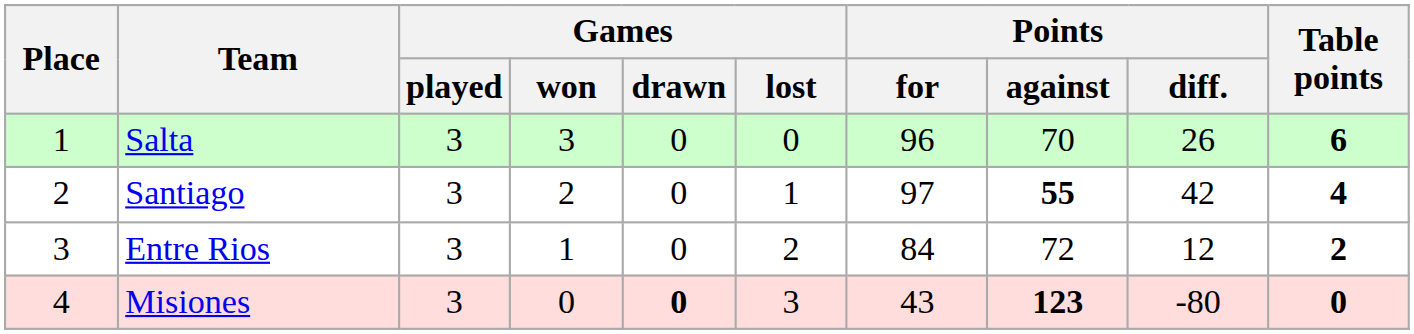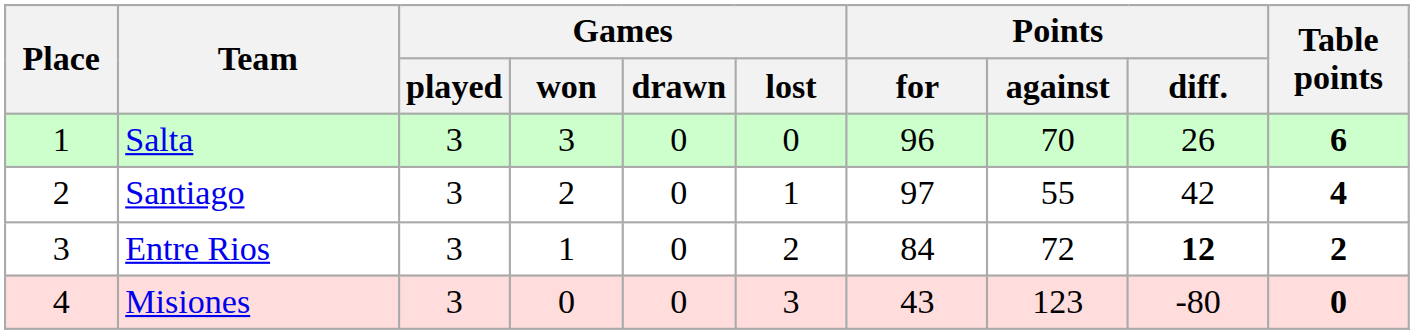 <table class="wikitable">
 <tr>
 <th rowspan=2 width="8%">Place</th>
 <th rowspan=2 width="20%">Team</th>
 <th colspan=4 width="32%">Games</th>
 <th colspan=3 width="30%">Points</th>
 <th rowspan=2 width="10%">Table<br>points</th>
 </tr>
 <tr>
 <th width="8%">played</th>
 <th width="8%">won</th>
 <th width="8%">drawn</th>
 <th width="8%">lost</th>
 <th width="10%">for</th>
 <th width="10%">against</th>
 <th width="10%">diff.</th>
 </tr>
 <tr align=center style="background: #ccffcc;">
 <td>1</td>
 <td align=left><a href='#'>Salta</a></td>
 <td>3</td>
 <td>3</td>
 <td>0</td>
 <td>0</td>
 <td>96</td>
 <td>70</td>
 <td>26</td>
 <td><strong>6</strong></td>
 </tr>
 <tr align=center style="background: #ffffff;">
 <td>2</td>
 <td align=left><a href='#'>Santiago</a></td>
 <td>3</td>
 <td>2</td>
 <td>0</td>
 <td>1</td>
 <td>97</td>
-<td><strong>55</strong></td>
+<td>55</td>
 <td>42</td>
 <td><strong>4</strong></td>
 </tr>
 <tr align=center style="background: #ffffff;">
 <td>3</td>
 <td align=left><a href='#'>Entre Rios</a></td>
 <td>3</td>
 <td>1</td>
 <td>0</td>
 <td>2</td>
 <td>84</td>
 <td>72</td>
-<td>12</td>
+<td><strong>12</strong></td>
 <td><strong>2</strong></td>
 </tr>
 <tr align=center style="background: #ffdddd;">
 <td>4</td>
 <td align=left><a href='#'>Misiones</a></td>
 <td>3</td>
 <td>0</td>
-<td><strong>0</strong></td>
+<td>0</td>
 <td>3</td>
 <td>43</td>
-<td><strong>123</strong></td>
+<td>123</td>
 <td>-80</td>
 <td><strong>0</strong></td>
 </tr>
 </table>
